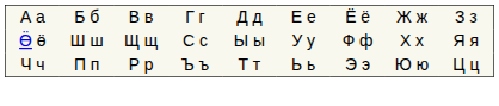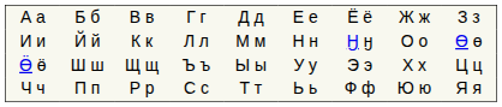 <table style="font-family:Arial; font-size:1.4em; border-color:#000000; border-width:1px; border-style:solid; border-collapse:collapse; background-color:#F8F8EF">
 <tr>
 <td style="width:3em; text-align:center; padding: 3px;">А а</td>
 <td style="width:3em; text-align:center; padding: 3px;">Б б</td>
 <td style="width:3em; text-align:center; padding: 3px;">В в</td>
 <td style="width:3em; text-align:center; padding: 3px;">Г г</td>
 <td style="width:3em; text-align:center; padding: 3px;">Д д</td>
 <td style="width:3em; text-align:center; padding: 3px;">Е е</td>
 <td style="width:3em; text-align:center; padding: 3px;">Ё ё</td>
 <td style="width:3em; text-align:center; padding: 3px;">Ж ж</td>
 <td style="width:3em; text-align:center; padding: 3px;">З з</td>
 </tr>
 <tr>
+<td style="width:3em; text-align:center; padding: 3px;">И и</td>
+<td style="width:3em; text-align:center; padding: 3px;">Й й</td>
+<td style="width:3em; text-align:center; padding: 3px;">К к</td>
+<td style="width:3em; text-align:center; padding: 3px;">Л л</td>
+<td style="width:3em; text-align:center; padding: 3px;">М м</td>
+<td style="width:3em; text-align:center; padding: 3px;">Н н</td>
+<td style="width:3em; text-align:center; padding: 3px;"><a href='#'>Ӈ</a> ӈ</td>
+<td style="width:3em; text-align:center; padding: 3px;">О о</td>
+<td style="width:3em; text-align:center; padding: 3px;"><a href='#'>Ө</a> ө</td>
+</tr>
+<tr>
 <td style="width:3em; text-align:center; padding: 3px;"><a href='#'>Ӫ</a> ӫ</td>
 <td style="width:3em; text-align:center; padding: 3px;">Ш ш</td>
 <td style="width:3em; text-align:center; padding: 3px;">Щ щ</td>
-<td style="width:3em; text-align:center; padding: 3px;">С с</td>
+<td style="width:3em; text-align:center; padding: 3px;">Ъ ъ</td>
 <td style="width:3em; text-align:center; padding: 3px;">Ы ы</td>
 <td style="width:3em; text-align:center; padding: 3px;">У у</td>
-<td style="width:3em; text-align:center; padding: 3px;">Ф ф</td>
+<td style="width:3em; text-align:center; padding: 3px;">Э э</td>
 <td style="width:3em; text-align:center; padding: 3px;">Х х</td>
-<td style="width:3em; text-align:center; padding: 3px;">Я я</td>
+<td style="width:3em; text-align:center; padding: 3px;">Ц ц</td>
 </tr>
 <tr>
 <td style="width:3em; text-align:center; padding: 3px;">Ч ч</td>
 <td style="width:3em; text-align:center; padding: 3px;">П п</td>
 <td style="width:3em; text-align:center; padding: 3px;">Р р</td>
-<td style="width:3em; text-align:center; padding: 3px;">Ъ ъ</td>
+<td style="width:3em; text-align:center; padding: 3px;">С с</td>
 <td style="width:3em; text-align:center; padding: 3px;">Т т</td>
 <td style="width:3em; text-align:center; padding: 3px;">Ь ь</td>
-<td style="width:3em; text-align:center; padding: 3px;">Э э</td>
+<td style="width:3em; text-align:center; padding: 3px;">Ф ф</td>
 <td style="width:3em; text-align:center; padding: 3px;">Ю ю</td>
-<td style="width:3em; text-align:center; padding: 3px;">Ц ц</td>
+<td style="width:3em; text-align:center; padding: 3px;">Я я</td>
 </tr>
 </table>
